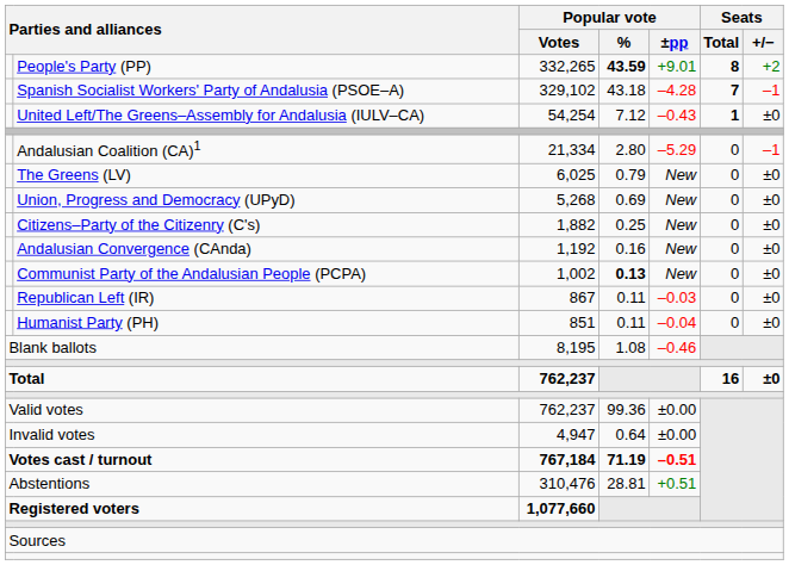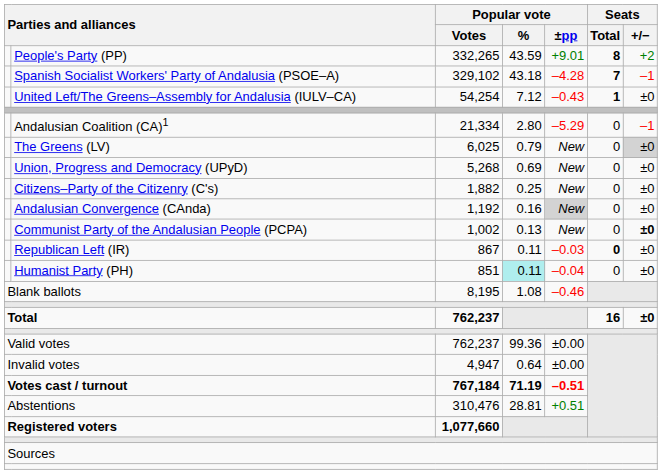 <table class="wikitable" style="text-align:right;">
 <tr>
 <th style="text-align:left;" rowspan="2" colspan="2" width="525">Parties and alliances</th>
 <th colspan="3">Popular vote</th>
 <th colspan="2">Seats</th>
 </tr>
 <tr>
 <th width="75">Votes</th>
 <th width="45">%</th>
 <th width="45">±<a href='#'>pp</a></th>
 <th width="35">Total</th>
 <th width="35">+/−</th>
 </tr>
 <tr>
 <td width="1" style="color:inherit;background:"></td>
 <td align="left"><a href='#'>People's Party</a> (PP)</td>
 <td>332,265</td>
-<td><strong>43.59</strong></td>
+<td>43.59</td>
 <td style="color:green;">+9.01</td>
 <td><strong>8</strong></td>
 <td style="color:green;">+2</td>
 </tr>
 <tr>
 <td style="color:inherit;background:"></td>
 <td align="left"><a href='#'>Spanish Socialist Workers' Party of Andalusia</a> (PSOE–A)</td>
 <td>329,102</td>
 <td>43.18</td>
 <td style="color:red;">–4.28</td>
 <td><strong>7</strong></td>
 <td style="color:red;">–1</td>
 </tr>
 <tr>
 <td style="color:inherit;background:"></td>
 <td align="left"><a href='#'>United Left/The Greens–Assembly for Andalusia</a> (IULV–CA)</td>
 <td>54,254</td>
 <td>7.12</td>
 <td style="color:red;">–0.43</td>
 <td><strong>1</strong></td>
 <td>±0</td>
 </tr>
 <tr>
 <td colspan="7" bgcolor="#C0C0C0"></td>
 </tr>
 <tr>
 <td style="color:inherit;background:"></td>
 <td align="left">Andalusian Coalition (CA)<sup>1</sup></td>
 <td>21,334</td>
 <td>2.80</td>
 <td style="color:red;">–5.29</td>
 <td>0</td>
 <td style="color:red;">–1</td>
 </tr>
 <tr>
 <td style="color:inherit;background:"></td>
 <td align="left"><a href='#'>The Greens</a> (LV)</td>
 <td>6,025</td>
 <td>0.79</td>
 <td><em>New</em></td>
 <td>0</td>
-<td>±0</td>
+<td style="background: lightgrey;">±0</td>
 </tr>
 <tr>
 <td style="color:inherit;background:"></td>
 <td align="left"><a href='#'>Union, Progress and Democracy</a> (UPyD)</td>
 <td>5,268</td>
 <td>0.69</td>
 <td><em>New</em></td>
 <td>0</td>
 <td>±0</td>
 </tr>
 <tr>
 <td style="color:inherit;background:"></td>
 <td align="left"><a href='#'>Citizens–Party of the Citizenry</a> (C's)</td>
 <td>1,882</td>
 <td>0.25</td>
 <td><em>New</em></td>
 <td>0</td>
 <td>±0</td>
 </tr>
 <tr>
 <td style="color:inherit;background:"></td>
 <td align="left"><a href='#'>Andalusian Convergence</a> (CAnda)</td>
 <td>1,192</td>
 <td>0.16</td>
-<td><em>New</em></td>
+<td style="background: lightgrey;"><em>New</em></td>
 <td>0</td>
 <td>±0</td>
 </tr>
 <tr>
 <td style="color:inherit;background:"></td>
 <td align="left"><a href='#'>Communist Party of the Andalusian People</a> (PCPA)</td>
 <td>1,002</td>
-<td><strong>0.13</strong></td>
+<td>0.13</td>
 <td><em>New</em></td>
 <td>0</td>
-<td>±0</td>
+<td><strong>±0</strong></td>
 </tr>
 <tr>
 <td style="color:inherit;background:"></td>
 <td align="left"><a href='#'>Republican Left</a> (IR)</td>
 <td>867</td>
 <td>0.11</td>
 <td style="color:red;">–0.03</td>
-<td>0</td>
+<td><strong>0</strong></td>
 <td>±0</td>
 </tr>
 <tr>
 <td style="color:inherit;background:"></td>
 <td align="left"><a href='#'>Humanist Party</a> (PH)</td>
 <td>851</td>
-<td>0.11</td>
+<td style="background: paleturquoise;">0.11</td>
 <td style="color:red;">–0.04</td>
 <td>0</td>
 <td>±0</td>
 </tr>
 <tr>
 <td align="left" colspan="2">Blank ballots</td>
 <td>8,195</td>
 <td>1.08</td>
 <td style="color:red;">–0.46</td>
 <td bgcolor="#E9E9E9" colspan="2"></td>
 </tr>
 <tr>
 <td colspan="7" bgcolor="#E9E9E9"></td>
 </tr>
 <tr style="font-weight:bold;">
 <td align="left" colspan="2">Total</td>
 <td>762,237</td>
 <td bgcolor="#E9E9E9" colspan="2"></td>
 <td>16</td>
 <td>±0</td>
 </tr>
 <tr>
 <td colspan="7" bgcolor="#E9E9E9"></td>
 </tr>
 <tr>
 <td align="left" colspan="2">Valid votes</td>
 <td>762,237</td>
 <td>99.36</td>
 <td>±0.00</td>
 <td bgcolor="#E9E9E9" colspan="2" rowspan="5"></td>
 </tr>
 <tr>
 <td align="left" colspan="2">Invalid votes</td>
 <td>4,947</td>
 <td>0.64</td>
 <td>±0.00</td>
 </tr>
 <tr style="font-weight:bold;">
 <td align="left" colspan="2">Votes cast / turnout</td>
 <td>767,184</td>
 <td>71.19</td>
 <td style="color:red;">–0.51</td>
 </tr>
 <tr>
 <td align="left" colspan="2">Abstentions</td>
 <td>310,476</td>
 <td>28.81</td>
 <td style="color:green;">+0.51</td>
 </tr>
 <tr style="font-weight:bold;">
 <td align="left" colspan="2">Registered voters</td>
 <td>1,077,660</td>
 <td bgcolor="#E9E9E9" colspan="2"></td>
 </tr>
 <tr>
 <td colspan="7" bgcolor="#E9E9E9"></td>
 </tr>
 <tr>
 <td align="left" colspan="7">Sources</td>
 </tr>
 <tr>
 <td colspan="7" style="text-align:left; max-width:790px;"></td>
 </tr>
 </table>
